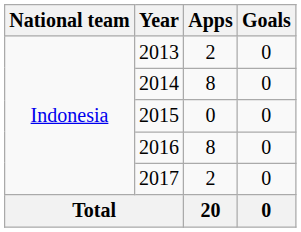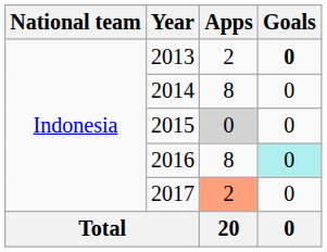 <table class="wikitable" style="text-align:center">
 <tr>
 <th>National team</th>
 <th>Year</th>
 <th>Apps</th>
 <th>Goals</th>
 </tr>
 <tr>
 <td rowspan=5><a href='#'>Indonesia</a></td>
 <td>2013</td>
 <td>2</td>
-<td>0</td>
+<td><strong>0</strong></td>
 </tr>
 <tr>
 <td>2014</td>
 <td>8</td>
 <td>0</td>
 </tr>
 <tr>
 <td>2015</td>
-<td>0</td>
+<td style="background: lightgrey;">0</td>
 <td>0</td>
 </tr>
 <tr>
 <td>2016</td>
 <td>8</td>
-<td>0</td>
+<td style="background: paleturquoise;">0</td>
 </tr>
 <tr>
 <td>2017</td>
-<td>2</td>
+<td style="background: lightsalmon;">2</td>
 <td>0</td>
 </tr>
 <tr>
 <th colspan=2>Total</th>
 <th>20</th>
 <th>0</th>
 </tr>
 </table>
